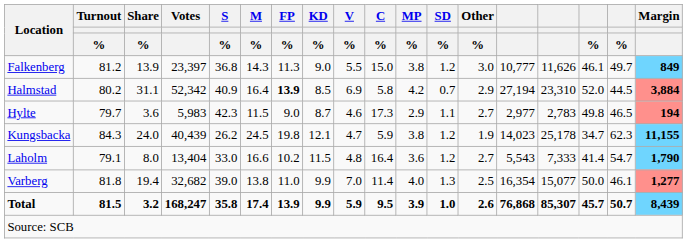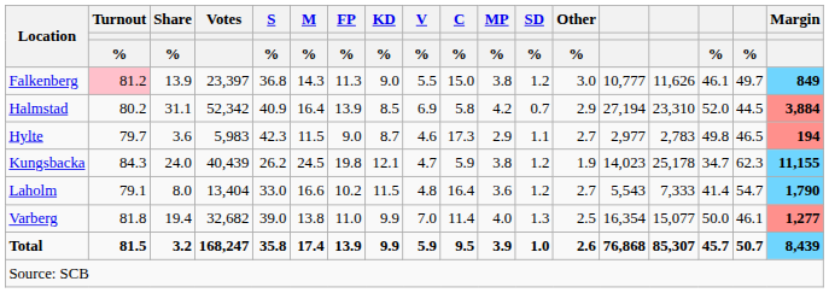 <table class="wikitable sortable" style="text-align:right; font-size:95%; line-height:20px;">
 <tr>
 <th rowspan="3">Location</th>
 <th>Turnout</th>
 <th>Share</th>
 <th>Votes</th>
 <th width="30px" class="unsortable"><a href='#'>S</a></th>
 <th width="30px" class="unsortable"><a href='#'>M</a></th>
 <th width="30px" class="unsortable"><a href='#'>FP</a></th>
 <th width="30px" class="unsortable"><a href='#'>KD</a></th>
 <th width="30px" class="unsortable"><a href='#'>V</a></th>
 <th width="30px" class="unsortable"><a href='#'>C</a></th>
 <th width="30px" class="unsortable"><a href='#'>MP</a></th>
 <th width="30px" class="unsortable"><a href='#'>SD</a></th>
 <th width="30px" class="unsortable">Other</th>
 <th></th>
 <th></th>
 <th></th>
 <th></th>
 <th>Margin</th>
 </tr>
 <tr>
 <th></th>
 <th></th>
 <th></th>
 <th style="background:"></th>
 <th style="background:"></th>
 <th style="background:"></th>
 <th style="background:"></th>
 <th style="background:"></th>
 <th style="background:"></th>
 <th style="background:"></th>
 <th style="background:"></th>
 <th style="background:"></th>
 <th style="background:"></th>
 <th style="background:"></th>
 <th style="background:"></th>
 <th style="background:"></th>
 <th></th>
 </tr>
 <tr>
 <th data-sort-type="number">%</th>
 <th data-sort-type="number">%</th>
 <th></th>
 <th data-sort-type="number">%</th>
 <th data-sort-type="number">%</th>
 <th data-sort-type="number">%</th>
 <th data-sort-type="number">%</th>
 <th data-sort-type="number">%</th>
 <th data-sort-type="number">%</th>
 <th data-sort-type="number">%</th>
 <th data-sort-type="number">%</th>
 <th data-sort-type="number">%</th>
 <th data-sort-type="number"></th>
 <th data-sort-type="number"></th>
 <th data-sort-type="number">%</th>
 <th data-sort-type="number">%</th>
 <th data-sort-type="number"></th>
 </tr>
 <tr>
 <td align=left><a href='#'>Falkenberg</a></td>
-<td>81.2</td>
+<td style="background: pink;">81.2</td>
 <td>13.9</td>
 <td>23,397</td>
 <td>36.8</td>
 <td>14.3</td>
 <td>11.3</td>
 <td>9.0</td>
 <td>5.5</td>
 <td>15.0</td>
 <td>3.8</td>
 <td>1.2</td>
 <td>3.0</td>
 <td>10,777</td>
 <td>11,626</td>
 <td>46.1</td>
 <td>49.7</td>
 <td bgcolor=#6fd5fe><strong>849</strong></td>
 </tr>
 <tr>
 <td align=left><a href='#'>Halmstad</a></td>
 <td>80.2</td>
 <td>31.1</td>
 <td>52,342</td>
 <td>40.9</td>
 <td>16.4</td>
-<td><strong>13.9</strong></td>
+<td>13.9</td>
 <td>8.5</td>
 <td>6.9</td>
 <td>5.8</td>
 <td>4.2</td>
 <td>0.7</td>
 <td>2.9</td>
 <td>27,194</td>
 <td>23,310</td>
 <td>52.0</td>
 <td>44.5</td>
 <td bgcolor=#ff908c><strong>3,884</strong></td>
 </tr>
 <tr>
 <td align=left><a href='#'>Hylte</a></td>
 <td>79.7</td>
 <td>3.6</td>
 <td>5,983</td>
 <td>42.3</td>
 <td>11.5</td>
 <td>9.0</td>
 <td>8.7</td>
 <td>4.6</td>
 <td>17.3</td>
 <td>2.9</td>
 <td>1.1</td>
 <td>2.7</td>
 <td>2,977</td>
 <td>2,783</td>
 <td>49.8</td>
 <td>46.5</td>
 <td bgcolor=#ff908c><strong>194</strong></td>
 </tr>
 <tr>
 <td align=left><a href='#'>Kungsbacka</a></td>
 <td>84.3</td>
 <td>24.0</td>
 <td>40,439</td>
 <td>26.2</td>
 <td>24.5</td>
 <td>19.8</td>
 <td>12.1</td>
 <td>4.7</td>
 <td>5.9</td>
 <td>3.8</td>
 <td>1.2</td>
 <td>1.9</td>
 <td>14,023</td>
 <td>25,178</td>
 <td>34.7</td>
 <td>62.3</td>
 <td bgcolor=#6fd5fe><strong>11,155</strong></td>
 </tr>
 <tr>
 <td align=left><a href='#'>Laholm</a></td>
 <td>79.1</td>
 <td>8.0</td>
 <td>13,404</td>
 <td>33.0</td>
 <td>16.6</td>
 <td>10.2</td>
 <td>11.5</td>
 <td>4.8</td>
 <td>16.4</td>
 <td>3.6</td>
 <td>1.2</td>
 <td>2.7</td>
 <td>5,543</td>
 <td>7,333</td>
 <td>41.4</td>
 <td>54.7</td>
 <td bgcolor=#6fd5fe><strong>1,790</strong></td>
 </tr>
 <tr>
 <td align=left><a href='#'>Varberg</a></td>
 <td>81.8</td>
 <td>19.4</td>
 <td>32,682</td>
 <td>39.0</td>
 <td>13.8</td>
 <td>11.0</td>
 <td>9.9</td>
 <td>7.0</td>
 <td>11.4</td>
 <td>4.0</td>
 <td>1.3</td>
 <td>2.5</td>
 <td>16,354</td>
 <td>15,077</td>
 <td>50.0</td>
 <td>46.1</td>
 <td bgcolor=#ff908c><strong>1,277</strong></td>
 </tr>
 <tr>
 <td align=left><strong>Total</strong></td>
 <td><strong>81.5</strong></td>
 <td><strong>3.2</strong></td>
 <td><strong>168,247</strong></td>
 <td><strong>35.8</strong></td>
 <td><strong>17.4</strong></td>
 <td><strong>13.9</strong></td>
 <td><strong>9.9</strong></td>
 <td><strong>5.9</strong></td>
 <td><strong>9.5</strong></td>
 <td><strong>3.9</strong></td>
 <td><strong>1.0</strong></td>
 <td><strong>2.6</strong></td>
 <td><strong>76,868</strong></td>
 <td><strong>85,307</strong></td>
 <td><strong>45.7</strong></td>
 <td><strong>50.7</strong></td>
 <td bgcolor=#6fd5fe><strong>8,439</strong></td>
 </tr>
 <tr>
 <td align=left colspan=18>Source: SCB </td>
 </tr>
 </table>
